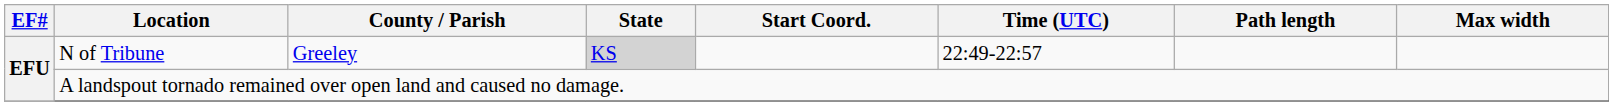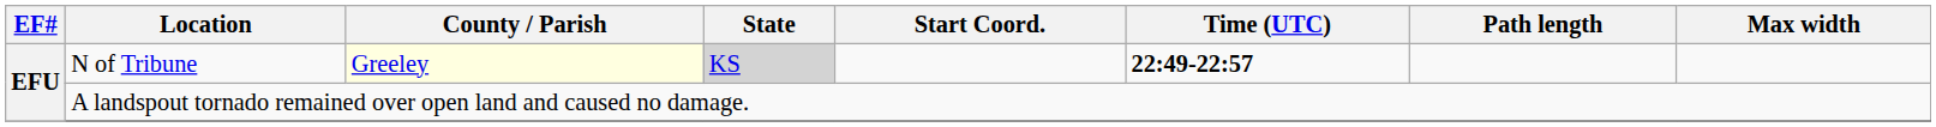 <table class="wikitable sortable" style="width:100%;">
 <tr>
 <th scope="col" width="2%" align="center"><a href='#'>EF#</a></th>
 <th scope="col" align="center" class="unsortable">Location</th>
 <th scope="col" align="center" class="unsortable">County / Parish</th>
 <th scope="col" align="center">State</th>
 <th scope="col" align="center">Start Coord.</th>
 <th scope="col" align="center">Time (<a href='#'>UTC</a>)</th>
 <th scope="col" align="center">Path length</th>
 <th scope="col" align="center">Max width</th>
 </tr>
 <tr>
 <th scope="row" rowspan="2" style="background-color:#">EFU</th>
 <td>N of <a href='#'>Tribune</a></td>
-<td><a href='#'>Greeley</a></td>
+<td style="background: lightyellow;"><a href='#'>Greeley</a></td>
 <td style="background: lightgrey;"><a href='#'>KS</a></td>
 <td></td>
-<td>22:49-22:57</td>
+<td><strong>22:49-22:57</strong></td>
 <td></td>
 <td></td>
 </tr>
 <tr class="expand-child">
 <td colspan="8" style=" border-bottom: 1px solid black;">A landspout tornado remained over open land and caused no damage.</td>
 </tr>
 <tr>
 </tr>
 </table>
